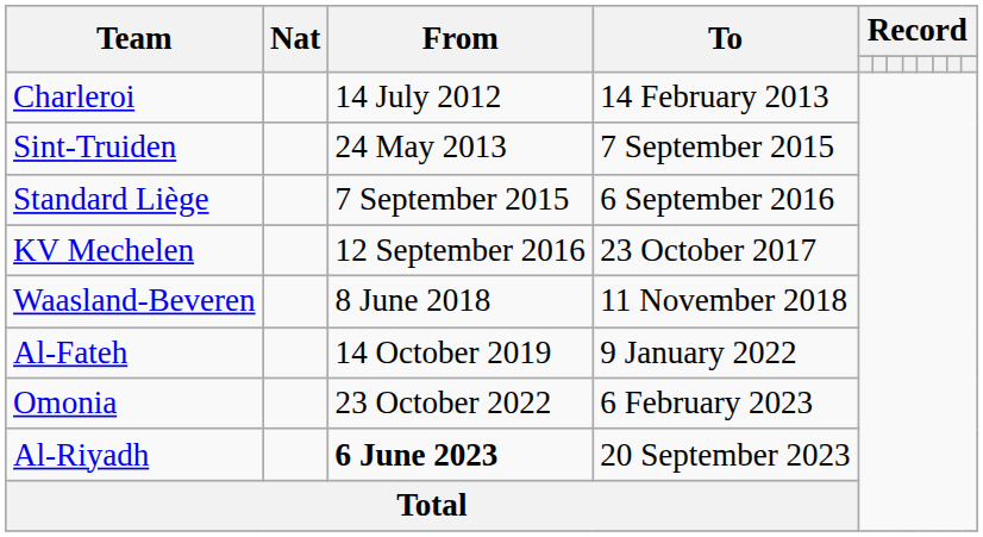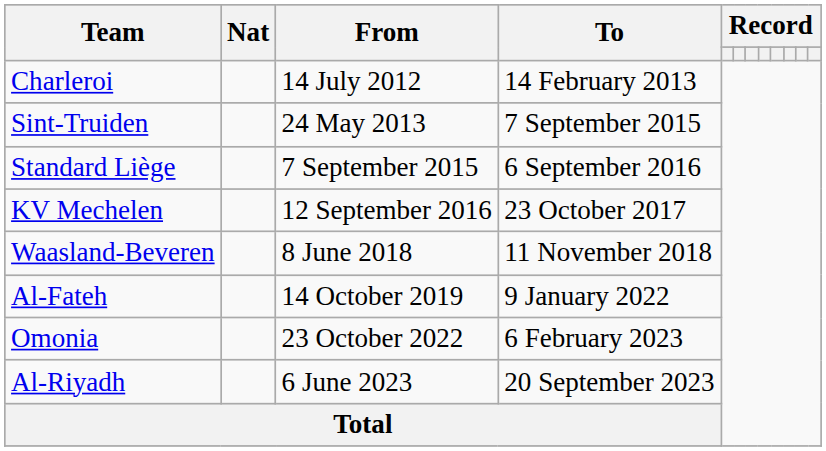 <table class=wikitable style="text-align: center">
 <tr>
 <th rowspan="2">Team</th>
 <th rowspan="2">Nat</th>
 <th rowspan="2">From</th>
 <th rowspan="2">To</th>
 <th colspan="8">Record</th>
 </tr>
 <tr>
 <th></th>
 <th></th>
 <th></th>
 <th></th>
 <th></th>
 <th></th>
 <th></th>
 <th></th>
 </tr>
 <tr>
 <td align=left><a href='#'>Charleroi</a></td>
 <td></td>
 <td align=left>14 July 2012</td>
 <td align=left>14 February 2013<br></td>
 </tr>
 <tr>
 <td align=left><a href='#'>Sint-Truiden</a></td>
 <td></td>
 <td align=left>24 May 2013</td>
 <td align=left>7 September 2015<br></td>
 </tr>
 <tr>
 <td align=left><a href='#'>Standard Liège</a></td>
 <td></td>
 <td align=left>7 September 2015</td>
 <td align=left>6 September 2016<br></td>
 </tr>
 <tr>
 <td align=left><a href='#'>KV Mechelen</a></td>
 <td></td>
 <td align=left>12 September 2016</td>
 <td align=left>23 October 2017<br></td>
 </tr>
 <tr>
 <td align=left><a href='#'>Waasland-Beveren</a></td>
 <td></td>
 <td align=left>8 June 2018</td>
 <td align=left>11 November 2018<br></td>
 </tr>
 <tr>
 <td align=left><a href='#'>Al-Fateh</a></td>
 <td></td>
 <td align=left>14 October 2019</td>
 <td align=left>9 January 2022<br></td>
 </tr>
 <tr>
 <td align=left><a href='#'>Omonia</a></td>
 <td></td>
 <td align=left>23 October 2022</td>
 <td align=left>6 February 2023<br></td>
 </tr>
 <tr>
 <td align=left><a href='#'>Al-Riyadh</a></td>
 <td></td>
-<td align=left><strong>6 June 2023</strong></td>
+<td align=left>6 June 2023</td>
 <td align=left>20 September 2023<br></td>
 </tr>
 <tr>
 <th colspan=4>Total<br></th>
 </tr>
 </table>
